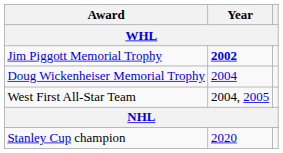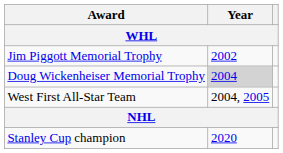 <table class="wikitable">
 <tr>
 <th>Award</th>
 <th>Year</th>
 <th></th>
 </tr>
 <tr>
 <th colspan="3"><a href='#'>WHL</a></th>
 </tr>
 <tr>
 <td><a href='#'>Jim Piggott Memorial Trophy</a></td>
-<td><strong><a href='#'>2002</a></strong></td>
+<td><a href='#'>2002</a></td>
 <td></td>
 </tr>
 <tr>
 <td><a href='#'>Doug Wickenheiser Memorial Trophy</a></td>
-<td><a href='#'>2004</a></td>
+<td style="background: lightgrey;"><a href='#'>2004</a></td>
 <td></td>
 </tr>
 <tr>
 <td>West First All-Star Team</td>
 <td>2004, <a href='#'>2005</a></td>
 <td></td>
 </tr>
 <tr>
 <th colspan="3"><a href='#'>NHL</a></th>
 </tr>
 <tr>
 <td><a href='#'>Stanley Cup</a> champion</td>
 <td><a href='#'>2020</a></td>
 <td></td>
 </tr>
 </table>
